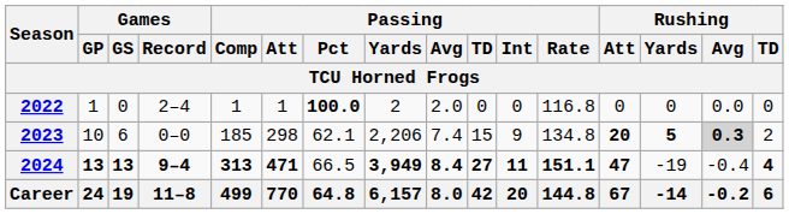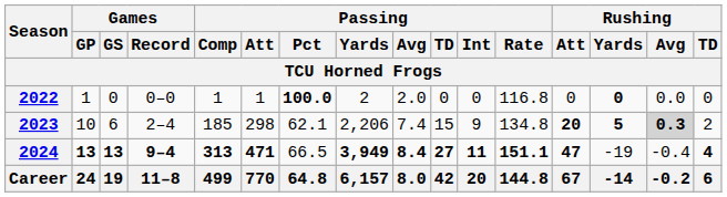 <table class="wikitable" style="text-align:center;">
 <tr>
 <th rowspan="2">Season</th>
 <th colspan="3">Games</th>
 <th colspan="8">Passing</th>
 <th colspan="5">Rushing</th>
 </tr>
 <tr>
 <th>GP</th>
 <th>GS</th>
 <th>Record</th>
 <th>Comp</th>
 <th>Att</th>
 <th>Pct</th>
 <th>Yards</th>
 <th>Avg</th>
 <th>TD</th>
 <th>Int</th>
 <th>Rate</th>
 <th>Att</th>
 <th>Yards</th>
 <th>Avg</th>
 <th>TD</th>
 </tr>
 <tr>
 <th colspan="17">TCU Horned Frogs</th>
 </tr>
 <tr>
 <th><a href='#'>2022</a></th>
 <td>1</td>
 <td>0</td>
-<td>2–4</td>
+<td>0–0</td>
 <td>1</td>
 <td>1</td>
 <td><strong>100.0</strong></td>
 <td>2</td>
 <td>2.0</td>
 <td>0</td>
 <td>0</td>
 <td>116.8</td>
 <td>0</td>
-<td>0</td>
+<td><strong>0</strong></td>
 <td>0.0</td>
 <td>0</td>
 </tr>
 <tr>
 <th><a href='#'>2023</a></th>
 <td>10</td>
 <td>6</td>
-<td>0–0</td>
+<td>2–4</td>
 <td>185</td>
 <td>298</td>
 <td>62.1</td>
 <td>2,206</td>
 <td>7.4</td>
 <td>15</td>
 <td>9</td>
 <td>134.8</td>
 <td><strong>20</strong></td>
 <td><strong>5</strong></td>
 <td style="background: lightgrey;"><strong>0.3</strong></td>
 <td>2</td>
 </tr>
 <tr>
 <th><a href='#'>2024</a></th>
 <td><strong>13</strong></td>
 <td><strong>13</strong></td>
 <td><strong>9–4</strong></td>
 <td><strong>313</strong></td>
 <td><strong>471</strong></td>
 <td>66.5</td>
 <td><strong>3,949</strong></td>
 <td><strong>8.4</strong></td>
 <td><strong>27</strong></td>
 <td><strong>11</strong></td>
 <td><strong>151.1</strong></td>
 <td><strong>47</strong></td>
 <td>-19</td>
 <td>-0.4</td>
 <td><strong>4</strong></td>
 </tr>
 <tr>
 <th>Career</th>
 <th>24</th>
 <th>19</th>
 <th>11–8</th>
 <th>499</th>
 <th>770</th>
 <th>64.8</th>
 <th>6,157</th>
 <th>8.0</th>
 <th>42</th>
 <th>20</th>
 <th>144.8</th>
 <th>67</th>
 <th>-14</th>
 <th>-0.2</th>
 <th>6</th>
 </tr>
 </table>
